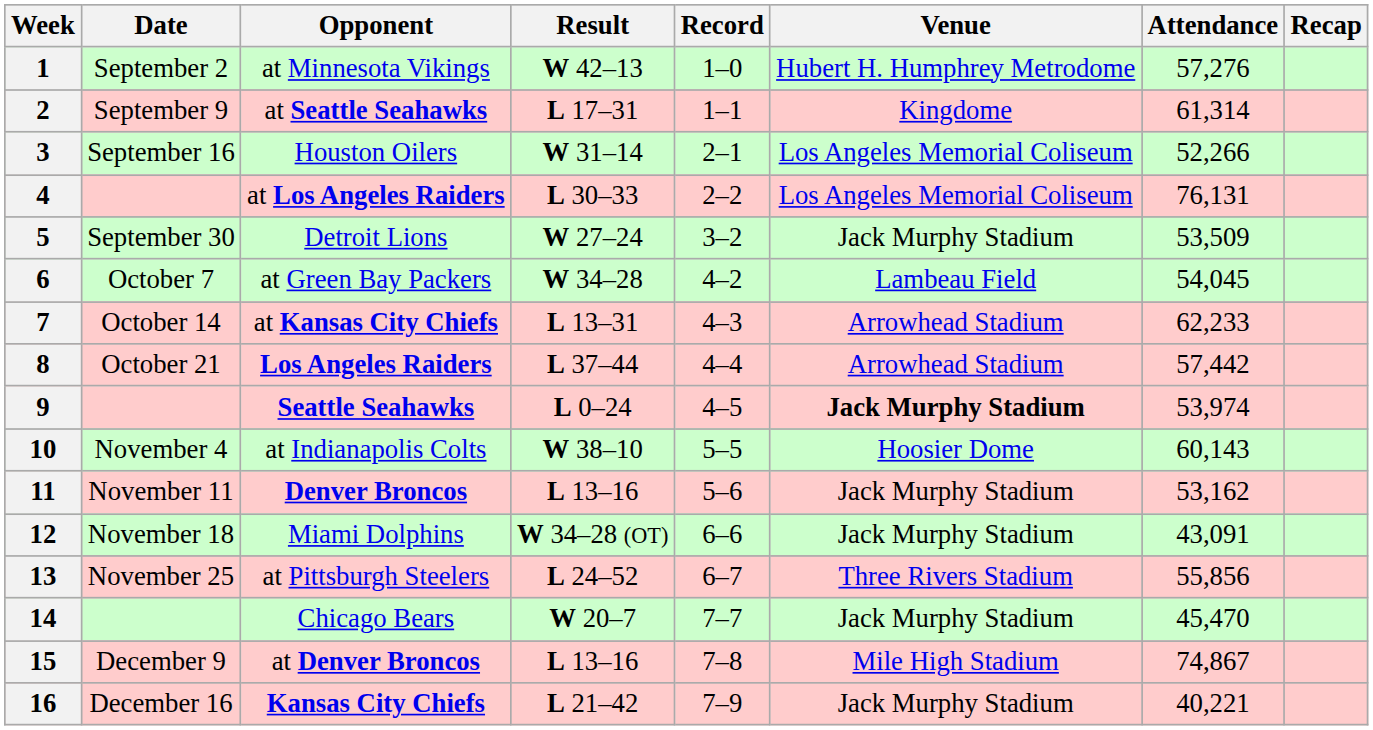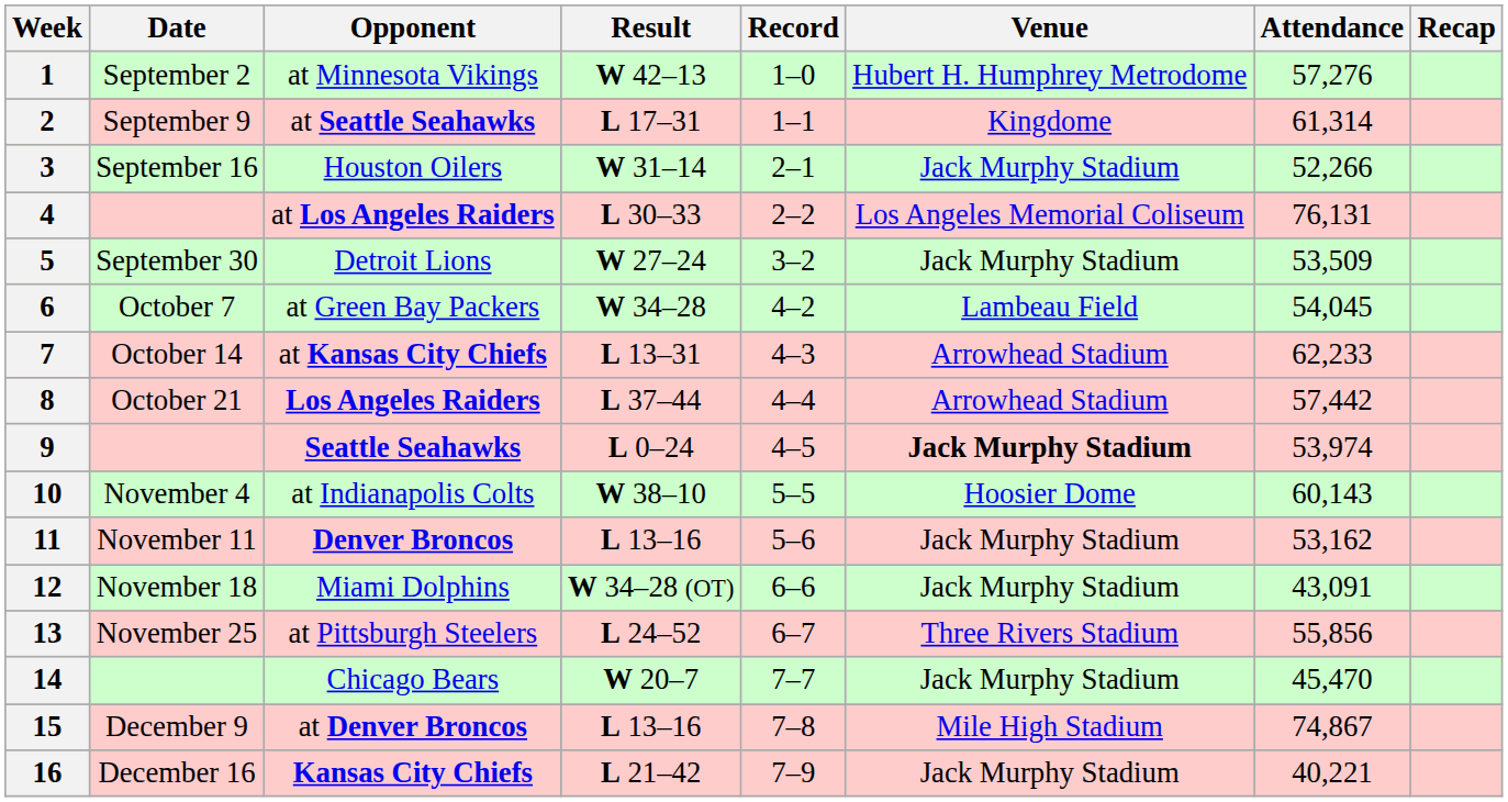 <table class="wikitable" style="text-align:center">
 <tr>
 <th>Week</th>
 <th>Date</th>
 <th>Opponent</th>
 <th>Result</th>
 <th>Record</th>
 <th>Venue</th>
 <th>Attendance</th>
 <th>Recap</th>
 </tr>
 <tr style="background:#cfc">
 <th>1</th>
 <td>September 2</td>
 <td>at <a href='#'>Minnesota Vikings</a></td>
 <td><strong>W</strong> 42–13</td>
 <td>1–0</td>
 <td><a href='#'>Hubert H. Humphrey Metrodome</a></td>
 <td>57,276</td>
 <td></td>
 </tr>
 <tr style="background:#fcc">
 <th>2</th>
 <td>September 9</td>
 <td>at <strong><a href='#'>Seattle Seahawks</a></strong></td>
 <td><strong>L</strong> 17–31</td>
 <td>1–1</td>
 <td><a href='#'>Kingdome</a></td>
 <td>61,314</td>
 <td></td>
 </tr>
 <tr style="background:#cfc">
 <th>3</th>
 <td>September 16</td>
 <td><a href='#'>Houston Oilers</a></td>
 <td><strong>W</strong> 31–14</td>
 <td>2–1</td>
-<td><a href='#'>Los Angeles Memorial Coliseum</a></td>
+<td><a href='#'>Jack Murphy Stadium</a></td>
 <td>52,266</td>
 <td></td>
 </tr>
 <tr style="background:#fcc">
 <th>4</th>
 <td></td>
 <td>at <strong><a href='#'>Los Angeles Raiders</a></strong></td>
 <td><strong>L</strong> 30–33</td>
 <td>2–2</td>
 <td><a href='#'>Los Angeles Memorial Coliseum</a></td>
 <td>76,131</td>
 <td></td>
 </tr>
 <tr style="background:#cfc">
 <th>5</th>
 <td>September 30</td>
 <td><a href='#'>Detroit Lions</a></td>
 <td><strong>W</strong> 27–24</td>
 <td>3–2</td>
 <td>Jack Murphy Stadium</td>
 <td>53,509</td>
 <td></td>
 </tr>
 <tr style="background:#cfc">
 <th>6</th>
 <td>October 7</td>
 <td>at <a href='#'>Green Bay Packers</a></td>
 <td><strong>W</strong> 34–28</td>
 <td>4–2</td>
 <td><a href='#'>Lambeau Field</a></td>
 <td>54,045</td>
 <td></td>
 </tr>
 <tr style="background:#fcc">
 <th>7</th>
 <td>October 14</td>
 <td>at <strong><a href='#'>Kansas City Chiefs</a></strong></td>
 <td><strong>L</strong> 13–31</td>
 <td>4–3</td>
 <td><a href='#'>Arrowhead Stadium</a></td>
 <td>62,233</td>
 <td></td>
 </tr>
 <tr style="background:#fcc">
 <th>8</th>
 <td>October 21</td>
 <td><strong><a href='#'>Los Angeles Raiders</a></strong></td>
 <td><strong>L</strong> 37–44</td>
 <td>4–4</td>
 <td><a href='#'>Arrowhead Stadium</a></td>
 <td>57,442</td>
 <td></td>
 </tr>
 <tr style="background:#fcc">
 <th>9</th>
 <td></td>
 <td><strong><a href='#'>Seattle Seahawks</a></strong></td>
 <td><strong>L</strong> 0–24</td>
 <td>4–5</td>
 <td><strong>Jack Murphy Stadium</strong></td>
 <td>53,974</td>
 <td></td>
 </tr>
 <tr style="background:#cfc">
 <th>10</th>
 <td>November 4</td>
 <td>at <a href='#'>Indianapolis Colts</a></td>
 <td><strong>W</strong> 38–10</td>
 <td>5–5</td>
 <td><a href='#'>Hoosier Dome</a></td>
 <td>60,143</td>
 <td></td>
 </tr>
 <tr style="background:#fcc">
 <th>11</th>
 <td>November 11</td>
 <td><strong><a href='#'>Denver Broncos</a></strong></td>
 <td><strong>L</strong> 13–16</td>
 <td>5–6</td>
 <td>Jack Murphy Stadium</td>
 <td>53,162</td>
 <td></td>
 </tr>
 <tr style="background:#cfc">
 <th>12</th>
 <td>November 18</td>
 <td><a href='#'>Miami Dolphins</a></td>
 <td><strong>W</strong> 34–28 <small>(OT)</small></td>
 <td>6–6</td>
 <td>Jack Murphy Stadium</td>
 <td>43,091</td>
 <td></td>
 </tr>
 <tr style="background:#fcc">
 <th>13</th>
 <td>November 25</td>
 <td>at <a href='#'>Pittsburgh Steelers</a></td>
 <td><strong>L</strong> 24–52</td>
 <td>6–7</td>
 <td><a href='#'>Three Rivers Stadium</a></td>
 <td>55,856</td>
 <td></td>
 </tr>
 <tr style="background:#cfc">
 <th>14</th>
 <td></td>
 <td><a href='#'>Chicago Bears</a></td>
 <td><strong>W</strong> 20–7</td>
 <td>7–7</td>
 <td>Jack Murphy Stadium</td>
 <td>45,470</td>
 <td></td>
 </tr>
 <tr style="background:#fcc">
 <th>15</th>
 <td>December 9</td>
 <td>at <strong><a href='#'>Denver Broncos</a></strong></td>
 <td><strong>L</strong> 13–16</td>
 <td>7–8</td>
 <td><a href='#'>Mile High Stadium</a></td>
 <td>74,867</td>
 <td></td>
 </tr>
 <tr style="background:#fcc">
 <th>16</th>
 <td>December 16</td>
 <td><strong><a href='#'>Kansas City Chiefs</a></strong></td>
 <td><strong>L</strong> 21–42</td>
 <td>7–9</td>
 <td>Jack Murphy Stadium</td>
 <td>40,221</td>
 <td></td>
 </tr>
 </table>
